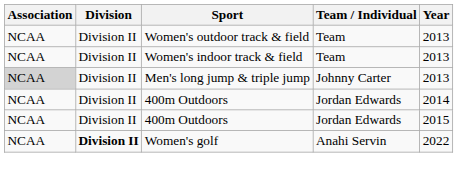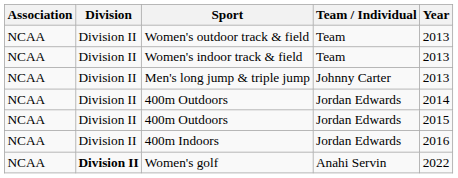 <table class="wikitable">
 <tr>
 <th>Association</th>
 <th>Division</th>
 <th>Sport</th>
 <th>Team / Individual</th>
 <th>Year</th>
 </tr>
 <tr>
 <td>NCAA</td>
 <td>Division II</td>
 <td>Women's outdoor track & field</td>
 <td>Team</td>
 <td>2013</td>
 </tr>
 <tr>
 <td>NCAA</td>
 <td>Division II</td>
 <td>Women's indoor track & field</td>
 <td>Team</td>
 <td>2013</td>
 </tr>
 <tr>
-<td style="background: lightgrey;">NCAA</td>
+<td>NCAA</td>
 <td>Division II</td>
 <td>Men's long jump & triple jump</td>
 <td>Johnny Carter</td>
 <td>2013</td>
 </tr>
 <tr>
 <td>NCAA</td>
 <td>Division II</td>
 <td>400m Outdoors</td>
 <td>Jordan Edwards</td>
 <td>2014</td>
 </tr>
 <tr>
 <td>NCAA</td>
 <td>Division II</td>
 <td>400m Outdoors</td>
 <td>Jordan Edwards</td>
 <td>2015</td>
 </tr>
 <tr>
 <td>NCAA</td>
+<td>Division II</td>
+<td>400m Indoors</td>
+<td>Jordan Edwards</td>
+<td>2016</td>
+</tr>
+<tr>
+<td>NCAA</td>
 <td><strong>Division II</strong></td>
 <td>Women's golf</td>
 <td>Anahi Servin</td>
 <td>2022</td>
 </tr>
 </table>
